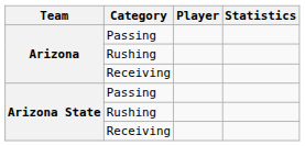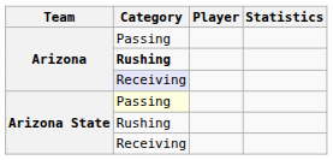 <table class="wikitable" style="float:right">
 <tr>
 <th>Team</th>
 <th>Category</th>
 <th>Player</th>
 <th>Statistics</th>
 </tr>
 <tr>
 <th rowspan=3>Arizona</th>
 <td>Passing</td>
 <td></td>
 <td></td>
 </tr>
 <tr>
-<td>Rushing</td>
+<td><strong>Rushing</strong></td>
 <td></td>
 <td></td>
 </tr>
 <tr>
-<td>Receiving</td>
+<td style="background: lavender;">Receiving</td>
 <td></td>
 <td></td>
 </tr>
 <tr>
 <th rowspan=3>Arizona State</th>
-<td>Passing</td>
+<td style="background: lightyellow;">Passing</td>
 <td></td>
 <td></td>
 </tr>
 <tr>
 <td>Rushing</td>
 <td></td>
 <td></td>
 </tr>
 <tr>
 <td>Receiving</td>
 <td></td>
 <td></td>
 </tr>
 </table>
